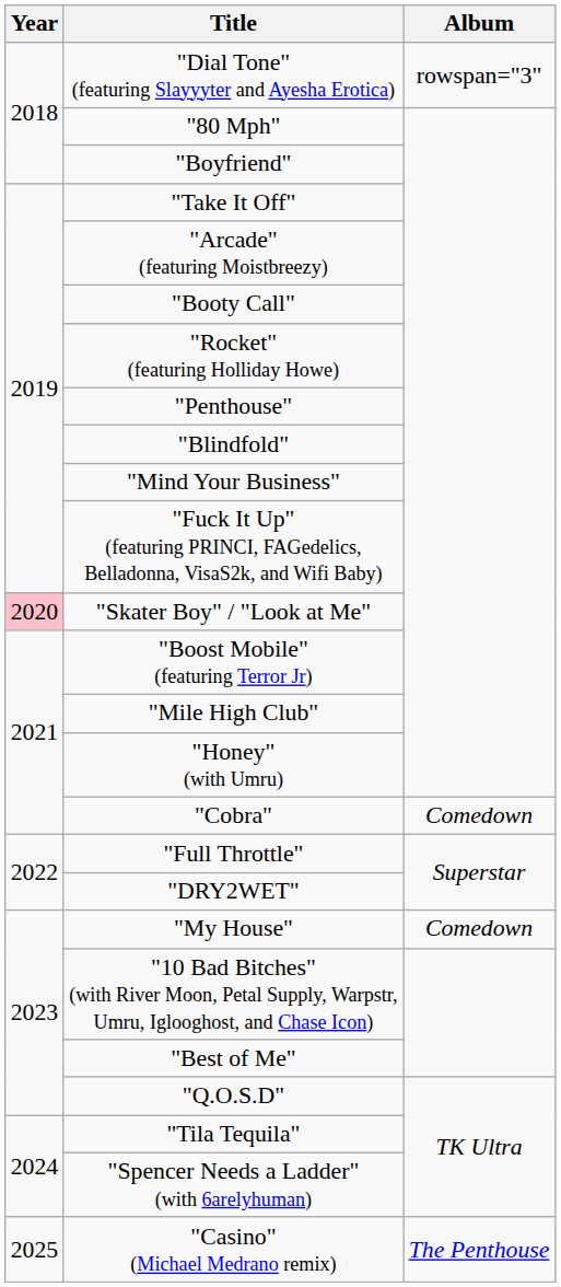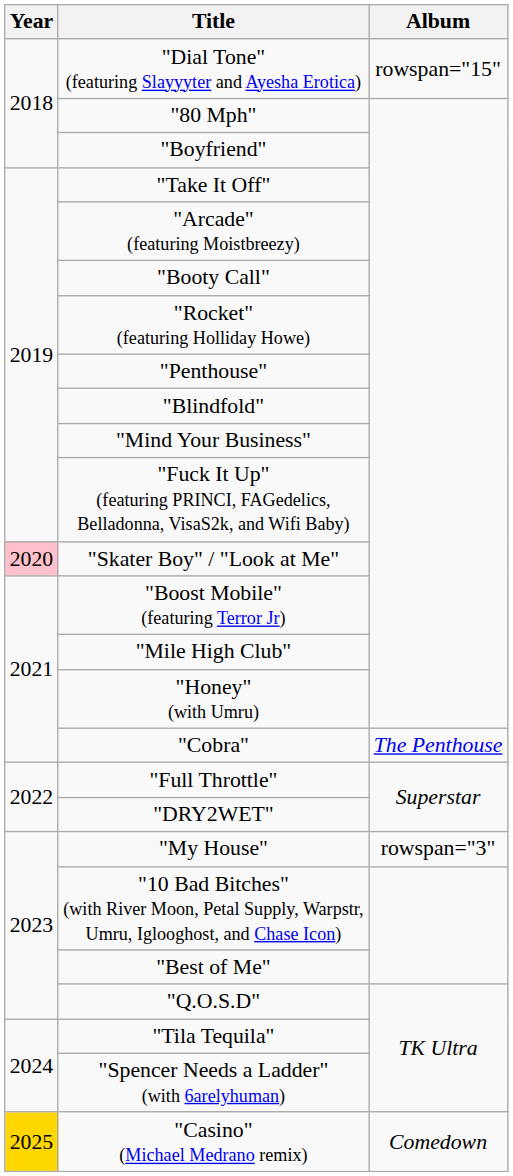 <table class="wikitable plainrowheaders" style="text-align:center;">
 <tr>
 <th>Year</th>
 <th>Title</th>
 <th>Album</th>
 </tr>
 <tr>
 <td rowspan="3">2018</td>
 <td>"Dial Tone"<br><small>(featuring <a href='#'>Slayyyter</a> and <a href='#'>Ayesha Erotica</a>)</small></td>
-<td>rowspan="3" </td>
+<td>rowspan="15" </td>
 </tr>
 <tr>
 <td>"80 Mph"</td>
 </tr>
 <tr>
 <td>"Boyfriend"</td>
 </tr>
 <tr>
 <td rowspan="8">2019</td>
 <td>"Take It Off"</td>
 </tr>
 <tr>
 <td>"Arcade"<br><small>(featuring Moistbreezy)</small></td>
 </tr>
 <tr>
 <td>"Booty Call"</td>
 </tr>
 <tr>
 <td>"Rocket"<br><small>(featuring Holliday Howe)</small></td>
 </tr>
 <tr>
 <td>"Penthouse"</td>
 </tr>
 <tr>
 <td>"Blindfold"</td>
 </tr>
 <tr>
 <td>"Mind Your Business"</td>
 </tr>
 <tr>
 <td>"Fuck It Up"<br><small>(featuring PRINCI, FAGedelics,<br>Belladonna, VisaS2k, and Wifi Baby)</small></td>
 </tr>
 <tr>
 <td style="background: pink;">2020</td>
 <td>"Skater Boy" / "Look at Me"</td>
 </tr>
 <tr>
 <td rowspan="4">2021</td>
 <td>"Boost Mobile"<br><small>(featuring <a href='#'>Terror Jr</a>)</small></td>
 </tr>
 <tr>
 <td>"Mile High Club"</td>
 </tr>
 <tr>
 <td>"Honey"<br><small>(with Umru)</small></td>
 </tr>
 <tr>
 <td>"Cobra"</td>
-<td><em>Comedown</em></td>
+<td><em><a href='#'>The Penthouse</a></em></td>
 </tr>
 <tr>
 <td rowspan="2">2022</td>
 <td>"Full Throttle"</td>
 <td rowspan="2"><em>Superstar</em></td>
 </tr>
 <tr>
 <td>"DRY2WET"</td>
 </tr>
 <tr>
 <td rowspan="4">2023</td>
 <td>"My House"</td>
-<td><em>Comedown</em></td>
+<td>rowspan="3" </td>
 </tr>
 <tr>
 <td>"10 Bad Bitches"<br><small>(with River Moon, Petal Supply, Warpstr,<br> Umru, Iglooghost, and <a href='#'>Chase Icon</a>)</small></td>
 </tr>
 <tr>
 <td>"Best of Me"</td>
 </tr>
 <tr>
 <td>"Q.O.S.D"</td>
 <td rowspan="3"><em>TK Ultra</em></td>
 </tr>
 <tr>
 <td rowspan="2">2024</td>
 <td>"Tila Tequila"</td>
 </tr>
 <tr>
 <td>"Spencer Needs a Ladder"<br><small>(with <a href='#'>6arelyhuman</a>)</small></td>
 </tr>
 <tr>
-<td rowspan="1">2025</td>
+<td rowspan="1" style="background: gold;">2025</td>
 <td>"Casino"<br><small>(<a href='#'>Michael Medrano</a> remix)</small></td>
-<td><em><a href='#'>The Penthouse</a></em></td>
+<td><em>Comedown</em></td>
 </tr>
 </table>
